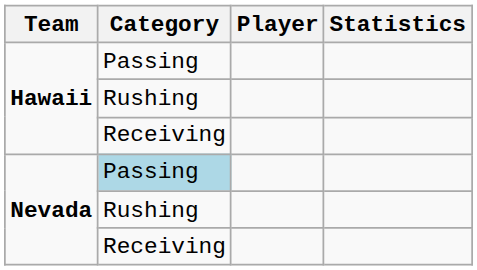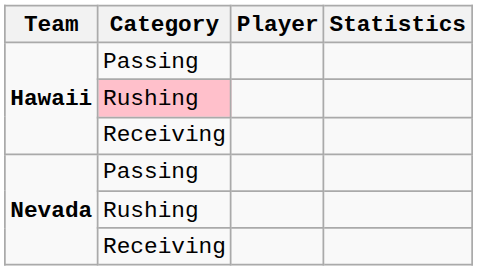 <table class="wikitable" style="float: left;">
 <tr>
 <th>Team</th>
 <th>Category</th>
 <th>Player</th>
 <th>Statistics</th>
 </tr>
 <tr>
 <td rowspan=3><strong>Hawaii</strong></td>
 <td>Passing</td>
 <td></td>
 <td></td>
 </tr>
 <tr>
-<td>Rushing</td>
+<td style="background: pink;">Rushing</td>
 <td></td>
 <td></td>
 </tr>
 <tr>
 <td>Receiving</td>
 <td></td>
 <td></td>
 </tr>
 <tr>
 <td rowspan=3><strong>Nevada</strong></td>
-<td style="background: lightblue;">Passing</td>
+<td>Passing</td>
 <td></td>
 <td></td>
 </tr>
 <tr>
 <td>Rushing</td>
 <td></td>
 <td></td>
 </tr>
 <tr>
 <td>Receiving</td>
 <td></td>
 <td></td>
 </tr>
 </table>
